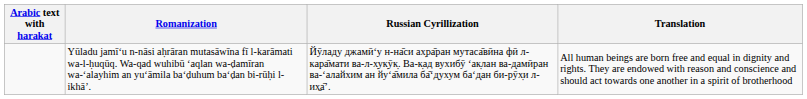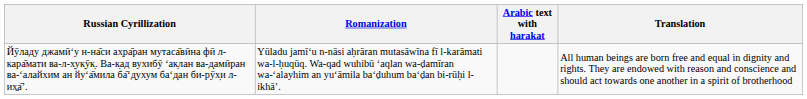 <table class="wikitable">
 <tr>
+<th>Russian Cyrillization</th>
+<th><a href='#'>Romanization</a></th>
 <th><a href='#'>Arabic</a> text with <a href='#'>harakat</a></th>
-<th><a href='#'>Romanization</a></th>
-<th>Russian Cyrillization</th>
 <th>Translation</th>
 </tr>
 <tr>
+<td>Йӯладу джамӣ‘у н-на̄си ах̣ра̄ран мутаса̄вӣна фӣ л-кара̄мати ва-л-х̣ук̣ӯк̣. Ва-к̣ад вухибӯ ‘ак̣лан ва-д̣амӣран ва-‘алайхим ан йу‘а̄мила ба̄‘д̣ухум ба‘д̣ан би-рӯх̣и л-их̱а̄’.</td>
+<td>Yūladu jamī‘u n-nāsi aḥrāran mutasāwīna fī l-karāmati wa-l-ḥuqūq. Wa-qad wuhibū ‘aqlan wa-ḍamīran wa-‘alayhim an yu‘āmila ba‘ḍuhum ba‘ḍan bi-rūḥi l-ikhā’.</td>
 <td></td>
-<td>Yūladu jamī‘u n-nāsi aḥrāran mutasāwīna fī l-karāmati wa-l-ḥuqūq. Wa-qad wuhibū ‘aqlan wa-ḍamīran wa-‘alayhim an yu‘āmila ba‘ḍuhum ba‘ḍan bi-rūḥi l-ikhā’.</td>
-<td>Йӯладу джамӣ‘у н-на̄си ах̣ра̄ран мутаса̄вӣна фӣ л-кара̄мати ва-л-х̣ук̣ӯк̣. Ва-к̣ад вухибӯ ‘ак̣лан ва-д̣амӣран ва-‘алайхим ан йу‘а̄мила ба̄‘д̣ухум ба‘д̣ан би-рӯх̣и л-их̱а̄’.</td>
 <td>All human beings are born free and equal in dignity and rights. They are endowed with reason and conscience and should act towards one another in a spirit of brotherhood</td>
 </tr>
 </table>
